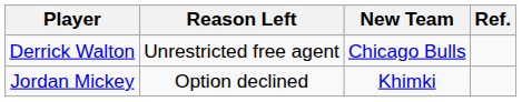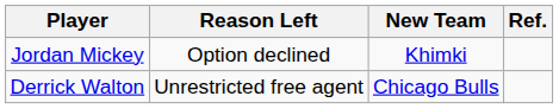 <table class="wikitable sortable sortable" style="text-align: center;">
 <tr>
 <th>Player</th>
 <th>Reason Left</th>
 <th>New Team</th>
 <th>Ref.</th>
 </tr>
 <tr>
+<td><a href='#'>Jordan Mickey</a></td>
+<td>Option declined</td>
+<td> <a href='#'>Khimki</a></td>
+<td></td>
+</tr>
+<tr>
 <td><a href='#'>Derrick Walton</a></td>
 <td>Unrestricted free agent</td>
 <td><a href='#'>Chicago Bulls</a></td>
 <td></td>
 </tr>
-<tr>
-<td><a href='#'>Jordan Mickey</a></td>
-<td>Option declined</td>
-<td> <a href='#'>Khimki</a></td>
-<td></td>
-</tr>
 </table>
